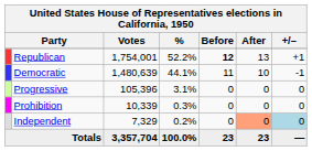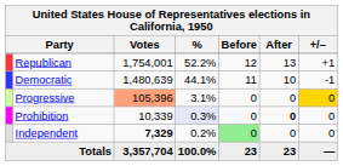 <table class="wikitable" style="font-size: 95%;">
 <tr>
 <th colspan="7">United States House of Representatives elections in California, 1950</th>
 </tr>
 <tr>
 <th colspan=2 style="width: 5em">Party</th>
 <th style="width: 5em">Votes</th>
 <th style="width: 3em">%</th>
 <th style="width: 3em">Before</th>
 <th style="width: 3em">After</th>
 <th style="width: 3em">+/–</th>
 </tr>
 <tr>
 </tr>
 <tr>
 <th style="background-color:#FF3333; width: 3px"></th>
 <td style="width: 130px"><a href='#'>Republican</a></td>
 <td align="right">1,754,001</td>
 <td align="right">52.2%</td>
-<td align="right"><strong>12</strong></td>
+<td align="right">12</td>
 <td align="right">13</td>
 <td align="right">+1</td>
 </tr>
 <tr>
 <th style="background-color:#3333FF; width: 3px"></th>
 <td style="width: 130px"><a href='#'>Democratic</a></td>
 <td align="right">1,480,639</td>
 <td align="right">44.1%</td>
 <td align="right">11</td>
 <td align="right">10</td>
 <td align="right">-1</td>
 </tr>
 <tr>
 <th style="background-color:#CCFF99; width: 3px"></th>
 <td style="width: 130px"><a href='#'>Progressive</a></td>
-<td align="right">105,396</td>
+<td align="right" style="background: lightsalmon;">105,396</td>
 <td align="right">3.1%</td>
 <td align="right">0</td>
 <td align="right">0</td>
-<td align="right">0</td>
+<td align="right" style="background: gold;">0</td>
 </tr>
 <tr>
 <th style="background-color:#FF00FF; width: 3px"></th>
 <td style="width: 130px"><a href='#'>Prohibition</a></td>
 <td align="right">10,339</td>
-<td align="right">0.3%</td>
+<td align="right" style="background: lavender;">0.3%</td>
 <td align="right">0</td>
-<td align="right">0</td>
+<td align="right"><strong>0</strong></td>
 <td align="right">0</td>
 </tr>
 <tr>
 <th style="background-color:#DDDDDD; width: 3px"></th>
 <td style="width: 130px"><a href='#'>Independent</a></td>
-<td align="right">7,329</td>
+<td align="right"><strong>7,329</strong></td>
 <td align="right">0.2%</td>
+<td align="right" style="background: lightgreen;">0</td>
 <td align="right">0</td>
-<td align="right" style="background: lightsalmon;">0</td>
-<td align="right" style="background: lightblue;">0</td>
+<td align="right">0</td>
 </tr>
 <tr bgcolor="#EEEEEE">
 <td colspan="2" align="right"><strong>Totals</strong></td>
 <td align="right"><strong>3,357,704</strong></td>
 <td align="right"><strong>100.0%</strong></td>
 <td align="right"><strong>23</strong></td>
 <td align="right"><strong>23</strong></td>
 <td align="right"><strong>—</strong></td>
 </tr>
 </table>
